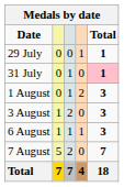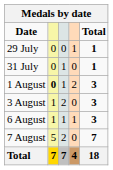 <table class="wikitable" style="text-align:center;font-size:90%">
 <tr style="background:#efefef;">
 <th colspan=7>Medals by date</th>
 </tr>
 <tr>
 <td><strong>Date</strong></td>
 <td bgcolor=#f7f6a8></td>
 <td bgcolor=#dce5e5></td>
 <td bgcolor=#ffdab9></td>
 <td><strong>Total</strong></td>
 </tr>
 <tr>
 <td style="text-align:left;">29 July</td>
 <td style="background:#F7F6A8;">0</td>
 <td style="background:#DCE5E5;">0</td>
 <td style="background:#FFDAB9;">1</td>
 <td><strong>1</strong></td>
 </tr>
 <tr>
 <td style="text-align:left;">31 July</td>
 <td style="background:#F7F6A8;">0</td>
 <td style="background:#DCE5E5;">1</td>
 <td style="background:#FFDAB9;">0</td>
-<td style="background: pink;"><strong>1</strong></td>
+<td><strong>1</strong></td>
 </tr>
 <tr>
 <td style="text-align:left;">1 August</td>
-<td style="background:#F7F6A8;">0</td>
+<td style="background:#F7F6A8;"><strong>0</strong></td>
 <td style="background:#DCE5E5;">1</td>
 <td style="background:#FFDAB9;">2</td>
 <td><strong>3</strong></td>
 </tr>
 <tr>
 <td style="text-align:left;">3 August</td>
 <td style="background:#F7F6A8;">1</td>
 <td style="background:#DCE5E5;">2</td>
 <td style="background:#FFDAB9;">0</td>
 <td><strong>3</strong></td>
 </tr>
 <tr>
 <td style="text-align:left;">6 August</td>
 <td style="background:#F7F6A8;">1</td>
 <td style="background:#DCE5E5;">1</td>
 <td style="background:#FFDAB9;">1</td>
 <td><strong>3</strong></td>
 </tr>
 <tr>
 <td style="text-align:left;">7 August</td>
 <td style="background:#F7F6A8;">5</td>
 <td style="background:#DCE5E5;">2</td>
 <td style="background:#FFDAB9;">0</td>
 <td><strong>7</strong></td>
 </tr>
 <tr>
 <th style="text-align:left;">Total</th>
 <th style="background:gold;">7</th>
 <th style="background:silver;">7</th>
 <th style="background:#c96;">4</th>
 <th>18</th>
 </tr>
 </table>
